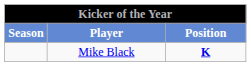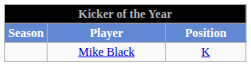 <table class="wikitable sortable" style="text-align:center">
 <tr>
 <td colspan="4" style="background:black; color:#B0B1B4;"><strong>Kicker of the Year</strong></td>
 </tr>
 <tr>
 <th style="width:50px; background:#6188D2; color:white;">Season</th>
 <th style="width:150px; background:#6188D2; color:white;">Player</th>
 <th style="width:100px; background:#6188D2; color:white;">Position</th>
 </tr>
 <tr>
 <td></td>
 <td><a href='#'>Mike Black</a></td>
-<td><strong><a href='#'>K</a></strong></td>
+<td><a href='#'>K</a></td>
 </tr>
 </table>
